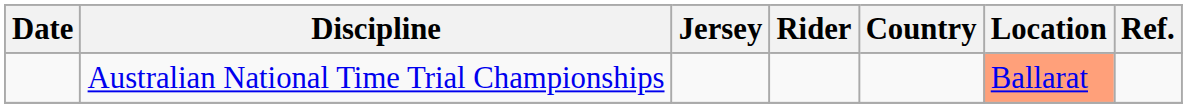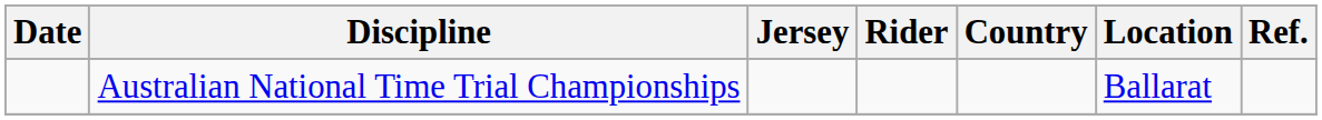 <table class="wikitable sortable">
 <tr>
 <th>Date</th>
 <th>Discipline</th>
 <th>Jersey</th>
 <th>Rider</th>
 <th>Country</th>
 <th>Location</th>
 <th class="unsortable">Ref.</th>
 </tr>
 <tr>
 <td></td>
 <td><a href='#'>Australian National Time Trial Championships</a></td>
 <td align="center"></td>
 <td></td>
 <td></td>
-<td style="background: lightsalmon;"><a href='#'>Ballarat</a></td>
+<td><a href='#'>Ballarat</a></td>
 <td align="center"></td>
 </tr>
 <tr>
 </tr>
 </table>
